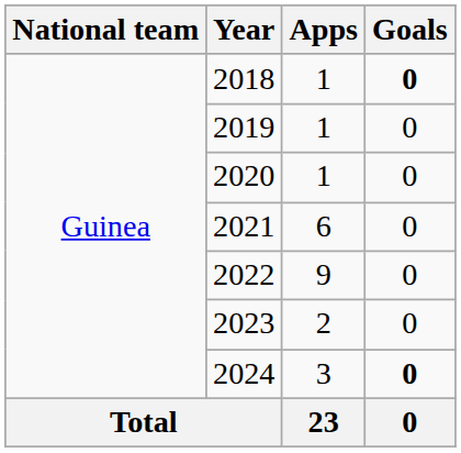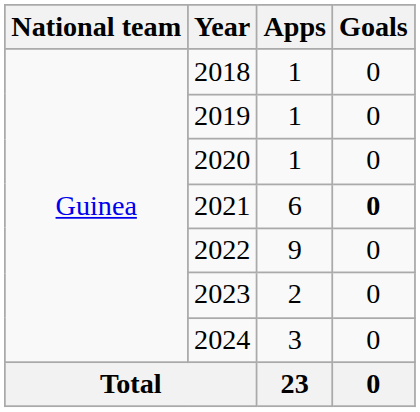 <table class=wikitable style=text-align:center>
 <tr>
 <th>National team</th>
 <th>Year</th>
 <th>Apps</th>
 <th>Goals</th>
 </tr>
 <tr>
 <td rowspan="7"><a href='#'>Guinea</a></td>
 <td>2018</td>
 <td>1</td>
-<td><strong>0</strong></td>
+<td>0</td>
 </tr>
 <tr>
 <td>2019</td>
 <td>1</td>
 <td>0</td>
 </tr>
 <tr>
 <td>2020</td>
 <td>1</td>
 <td>0</td>
 </tr>
 <tr>
 <td>2021</td>
 <td>6</td>
-<td>0</td>
+<td><strong>0</strong></td>
 </tr>
 <tr>
 <td>2022</td>
 <td>9</td>
 <td>0</td>
 </tr>
 <tr>
 <td>2023</td>
 <td>2</td>
 <td>0</td>
 </tr>
 <tr>
 <td>2024</td>
 <td>3</td>
-<td><strong>0</strong></td>
+<td>0</td>
 </tr>
 <tr>
 <th colspan="2">Total</th>
 <th>23</th>
 <th>0</th>
 </tr>
 </table>
